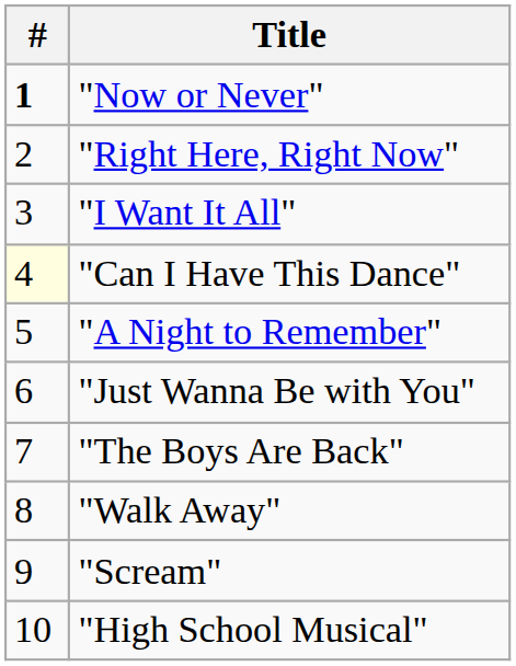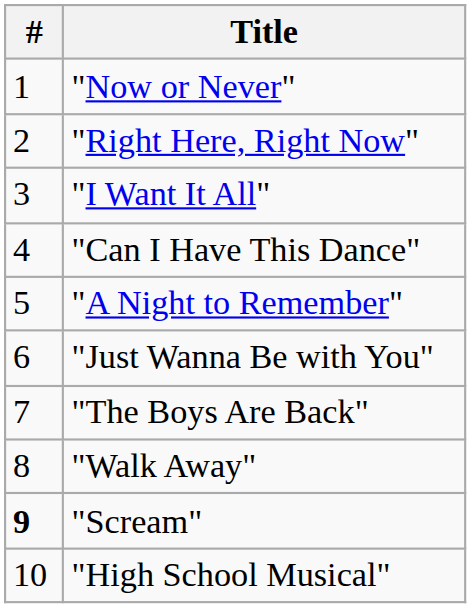 <table class="wikitable" style="font-size: 100%">
 <tr>
 <th width="20" align="center">#</th>
 <th width="180" align="center">Title</th>
 </tr>
 <tr>
-<td><strong>1</strong></td>
+<td>1</td>
 <td>"<a href='#'>Now or Never</a>"</td>
 </tr>
 <tr>
 <td>2</td>
 <td>"<a href='#'>Right Here, Right Now</a>"</td>
 </tr>
 <tr>
 <td>3</td>
 <td>"<a href='#'>I Want It All</a>"</td>
 </tr>
 <tr>
-<td style="background: lightyellow;">4</td>
+<td>4</td>
 <td>"Can I Have This Dance"</td>
 </tr>
 <tr>
 <td>5</td>
 <td>"<a href='#'>A Night to Remember</a>"</td>
 </tr>
 <tr>
 <td>6</td>
 <td>"Just Wanna Be with You"</td>
 </tr>
 <tr>
 <td>7</td>
 <td>"The Boys Are Back"</td>
 </tr>
 <tr>
 <td>8</td>
 <td>"Walk Away"</td>
 </tr>
 <tr>
-<td>9</td>
+<td><strong>9</strong></td>
 <td>"Scream"</td>
 </tr>
 <tr>
 <td>10</td>
 <td>"High School Musical"</td>
 </tr>
 </table>
